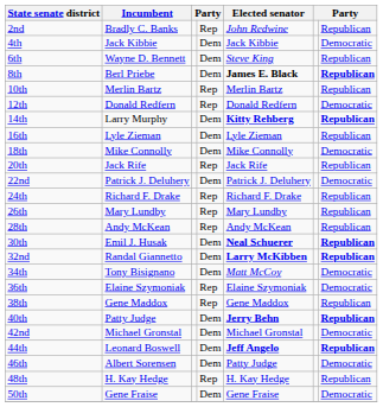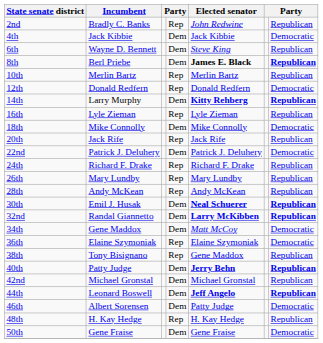 <table class="sortable wikitable" style="font-size:95%;line-height:14px;">
 <tr>
 <th class="unsortable"><a href='#'>State senate</a> district</th>
 <th class="unsortable"><a href='#'>Incumbent</a></th>
 <th colspan="2">Party</th>
 <th class="unsortable">Elected senator</th>
 <th colspan="2">Party</th>
 </tr>
 <tr>
 <td><a href='#'>2nd</a></td>
 <td><a href='#'>Bradly C. Banks</a></td>
 <td style="background:"></td>
 <td>Rep</td>
 <td><em><a href='#'>John Redwine</a></em></td>
 <td style="background:"></td>
 <td><a href='#'>Republican</a></td>
 </tr>
 <tr>
 <td><a href='#'>4th</a></td>
 <td><a href='#'>Jack Kibbie</a></td>
 <td style="background:"></td>
 <td>Dem</td>
 <td><a href='#'>Jack Kibbie</a></td>
 <td style="background:"></td>
 <td><a href='#'>Democratic</a></td>
 </tr>
 <tr>
 <td><a href='#'>6th</a></td>
 <td><a href='#'>Wayne D. Bennett</a></td>
 <td style="background:"></td>
 <td>Dem</td>
 <td><em><a href='#'>Steve King</a></em></td>
 <td style="background:"></td>
 <td><a href='#'>Republican</a></td>
 </tr>
 <tr>
 <td><a href='#'>8th</a></td>
 <td><a href='#'>Berl Priebe</a></td>
 <td style="background:"></td>
 <td>Dem</td>
 <td><strong>James E. Black</strong></td>
 <td style="background:"></td>
 <td><strong><a href='#'>Republican</a></strong></td>
 </tr>
 <tr>
 <td><a href='#'>10th</a></td>
 <td><a href='#'>Merlin Bartz</a></td>
 <td style="background:"></td>
 <td>Rep</td>
 <td><a href='#'>Merlin Bartz</a></td>
 <td style="background:"></td>
 <td><a href='#'>Republican</a></td>
 </tr>
 <tr>
 <td><a href='#'>12th</a></td>
 <td><a href='#'>Donald Redfern</a></td>
 <td style="background:"></td>
 <td>Rep</td>
 <td><a href='#'>Donald Redfern</a></td>
 <td style="background:"></td>
 <td><a href='#'>Democratic</a></td>
 </tr>
 <tr>
 <td><a href='#'>14th</a></td>
 <td>Larry Murphy</td>
 <td style="background:"></td>
 <td>Dem</td>
 <td><strong><a href='#'>Kitty Rehberg</a></strong></td>
 <td style="background:"></td>
 <td><strong><a href='#'>Republican</a></strong></td>
 </tr>
 <tr>
 <td><a href='#'>16th</a></td>
 <td><a href='#'>Lyle Zieman</a></td>
 <td style="background:"></td>
-<td>Dem</td>
+<td>Rep</td>
 <td><a href='#'>Lyle Zieman</a></td>
 <td style="background:"></td>
 <td><a href='#'>Republican</a></td>
 </tr>
 <tr>
 <td><a href='#'>18th</a></td>
 <td><a href='#'>Mike Connolly</a></td>
 <td style="background:"></td>
 <td>Dem</td>
 <td><a href='#'>Mike Connolly</a></td>
 <td style="background:"></td>
 <td><a href='#'>Democratic</a></td>
 </tr>
 <tr>
 <td><a href='#'>20th</a></td>
 <td><a href='#'>Jack Rife</a></td>
 <td style="background:"></td>
 <td>Rep</td>
 <td><a href='#'>Jack Rife</a></td>
 <td style="background:"></td>
 <td><a href='#'>Republican</a></td>
 </tr>
 <tr>
 <td><a href='#'>22nd</a></td>
 <td><a href='#'>Patrick J. Deluhery</a></td>
 <td style="background:"></td>
 <td>Dem</td>
 <td><a href='#'>Patrick J. Deluhery</a></td>
 <td style="background:"></td>
 <td><a href='#'>Democratic</a></td>
 </tr>
 <tr>
 <td><a href='#'>24th</a></td>
 <td><a href='#'>Richard F. Drake</a></td>
 <td style="background:"></td>
 <td>Rep</td>
 <td><a href='#'>Richard F. Drake</a></td>
 <td style="background:"></td>
 <td><a href='#'>Republican</a></td>
 </tr>
 <tr>
 <td><a href='#'>26th</a></td>
 <td><a href='#'>Mary Lundby</a></td>
 <td style="background:"></td>
 <td>Rep</td>
 <td><a href='#'>Mary Lundby</a></td>
 <td style="background:"></td>
 <td><a href='#'>Republican</a></td>
 </tr>
 <tr>
 <td><a href='#'>28th</a></td>
 <td><a href='#'>Andy McKean</a></td>
 <td style="background:"></td>
 <td>Rep</td>
 <td><a href='#'>Andy McKean</a></td>
 <td style="background:"></td>
 <td><a href='#'>Republican</a></td>
 </tr>
 <tr>
 <td><a href='#'>30th</a></td>
 <td><a href='#'>Emil J. Husak</a></td>
 <td style="background:"></td>
 <td>Dem</td>
 <td><strong><a href='#'>Neal Schuerer</a></strong></td>
 <td style="background:"></td>
 <td><strong><a href='#'>Republican</a></strong></td>
 </tr>
 <tr>
 <td><a href='#'>32nd</a></td>
 <td><a href='#'>Randal Giannetto</a></td>
 <td style="background:"></td>
 <td>Dem</td>
 <td><strong><a href='#'>Larry McKibben</a></strong></td>
 <td style="background:"></td>
 <td><strong><a href='#'>Republican</a></strong></td>
 </tr>
 <tr>
 <td><a href='#'>34th</a></td>
-<td><a href='#'>Tony Bisignano</a></td>
+<td><a href='#'>Gene Maddox</a></td>
 <td style="background:"></td>
 <td>Dem</td>
 <td><em><a href='#'>Matt McCoy</a></em></td>
 <td style="background:"></td>
 <td><a href='#'>Democratic</a></td>
 </tr>
 <tr>
 <td><a href='#'>36th</a></td>
 <td><a href='#'>Elaine Szymoniak</a></td>
 <td style="background:"></td>
 <td>Rep</td>
 <td><a href='#'>Elaine Szymoniak</a></td>
 <td style="background:"></td>
 <td><a href='#'>Democratic</a></td>
 </tr>
 <tr>
 <td><a href='#'>38th</a></td>
-<td><a href='#'>Gene Maddox</a></td>
+<td><a href='#'>Tony Bisignano</a></td>
 <td style="background:"></td>
 <td>Rep</td>
 <td><a href='#'>Gene Maddox</a></td>
 <td style="background:"></td>
 <td><a href='#'>Republican</a></td>
 </tr>
 <tr>
 <td><a href='#'>40th</a></td>
 <td><a href='#'>Patty Judge</a></td>
 <td style="background:"></td>
 <td>Dem</td>
 <td><strong><a href='#'>Jerry Behn</a></strong></td>
 <td style="background:"></td>
 <td><strong><a href='#'>Republican</a></strong></td>
 </tr>
 <tr>
 <td><a href='#'>42nd</a></td>
 <td><a href='#'>Michael Gronstal</a></td>
 <td style="background:"></td>
 <td>Dem</td>
 <td><a href='#'>Michael Gronstal</a></td>
 <td style="background:"></td>
-<td><a href='#'>Democratic</a></td>
+<td><a href='#'>Republican</a></td>
 </tr>
 <tr>
 <td><a href='#'>44th</a></td>
 <td><a href='#'>Leonard Boswell</a></td>
 <td style="background:"></td>
 <td>Dem</td>
 <td><strong><a href='#'>Jeff Angelo</a></strong></td>
 <td style="background:"></td>
 <td><strong><a href='#'>Republican</a></strong></td>
 </tr>
 <tr>
 <td><a href='#'>46th</a></td>
 <td><a href='#'>Albert Sorensen</a></td>
 <td style="background:"></td>
 <td>Dem</td>
 <td><a href='#'>Patty Judge</a></td>
 <td style="background:"></td>
 <td><a href='#'>Democratic</a></td>
 </tr>
 <tr>
 <td><a href='#'>48th</a></td>
 <td><a href='#'>H. Kay Hedge</a></td>
 <td style="background:"></td>
 <td>Rep</td>
 <td><a href='#'>H. Kay Hedge</a></td>
 <td style="background:"></td>
 <td><a href='#'>Republican</a></td>
 </tr>
 <tr>
 <td><a href='#'>50th</a></td>
 <td><a href='#'>Gene Fraise</a></td>
 <td style="background:"></td>
 <td>Dem</td>
 <td><a href='#'>Gene Fraise</a></td>
 <td style="background:"></td>
 <td><a href='#'>Democratic</a></td>
 </tr>
 <tr>
 </tr>
 </table>
